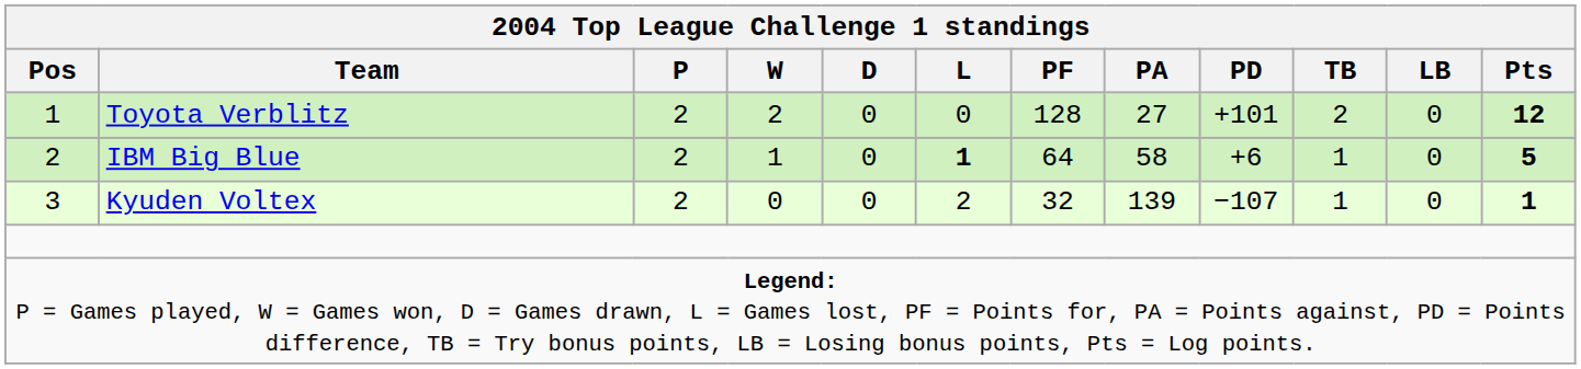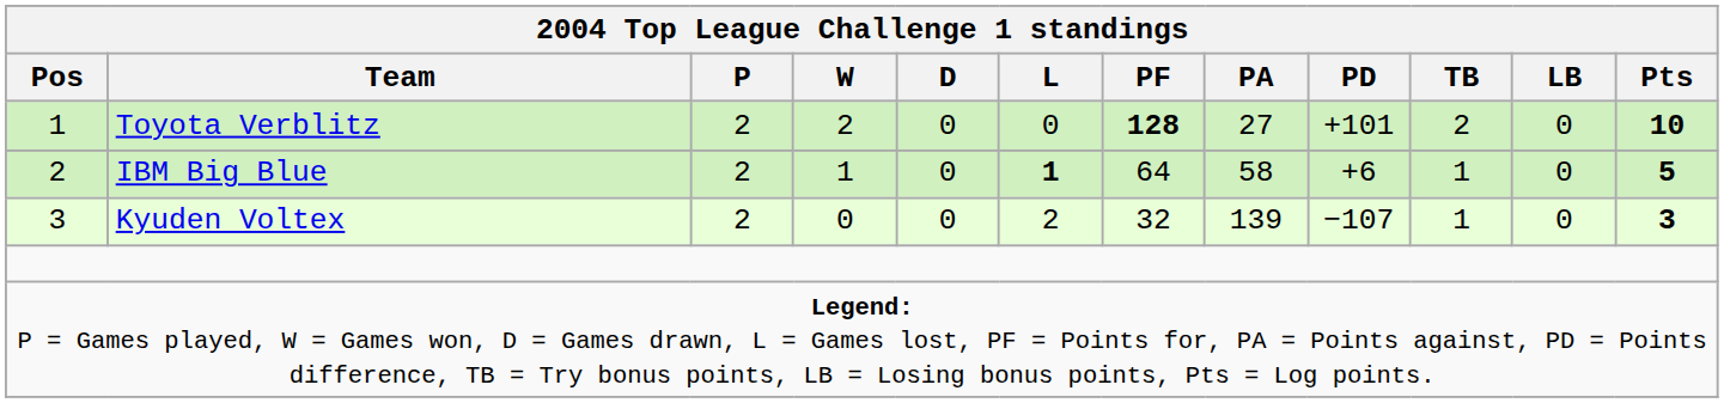 <table class="wikitable" style="text-align:center; font-size:100%; width:60%;">
 <tr>
 <th colspan="100%" cellpadding="0" cellspacing="0"><strong>2004 Top League Challenge 1 standings</strong></th>
 </tr>
 <tr>
 <th style="width:6%;">Pos</th>
 <th style="width:34%;">Team</th>
 <th style="width:6%;">P</th>
 <th style="width:6%;">W</th>
 <th style="width:6%;">D</th>
 <th style="width:6%;">L</th>
 <th style="width:6%;">PF</th>
 <th style="width:6%;">PA</th>
 <th style="width:6%;">PD</th>
 <th style="width:6%;">TB</th>
 <th style="width:6%;">LB</th>
 <th style="width:6%;">Pts<br></th>
 </tr>
 <tr style="background:#D0F0C0;">
 <td>1</td>
 <td style="text-align:left;"><a href='#'>Toyota Verblitz</a></td>
 <td>2</td>
 <td>2</td>
 <td>0</td>
 <td>0</td>
-<td>128</td>
+<td><strong>128</strong></td>
 <td>27</td>
 <td>+101</td>
 <td>2</td>
 <td>0</td>
-<td><strong>12</strong></td>
+<td><strong>10</strong></td>
 </tr>
 <tr style="background:#D0F0C0;">
 <td>2</td>
 <td style="text-align:left;"><a href='#'>IBM Big Blue</a></td>
 <td>2</td>
 <td>1</td>
 <td>0</td>
 <td><strong>1</strong></td>
 <td>64</td>
 <td>58</td>
 <td>+6</td>
 <td>1</td>
 <td>0</td>
 <td><strong>5</strong></td>
 </tr>
 <tr style="background:#E8FFD8;">
 <td>3</td>
 <td style="text-align:left;"><a href='#'>Kyuden Voltex</a></td>
 <td>2</td>
 <td>0</td>
 <td>0</td>
 <td>2</td>
 <td>32</td>
 <td>139</td>
 <td>−107</td>
 <td>1</td>
 <td>0</td>
-<td><strong>1</strong></td>
+<td><strong>3</strong></td>
 </tr>
 <tr>
 <td colspan="100%" style="height:10px;"></td>
 </tr>
 <tr>
 <td colspan="100%"><small><strong>Legend:</strong> <br> P = Games played, W = Games won, D = Games drawn, L = Games lost, PF = Points for, PA = Points against, PD = Points difference, TB = Try bonus points, LB = Losing bonus points, Pts = Log points.</small></td>
 </tr>
 </table>
